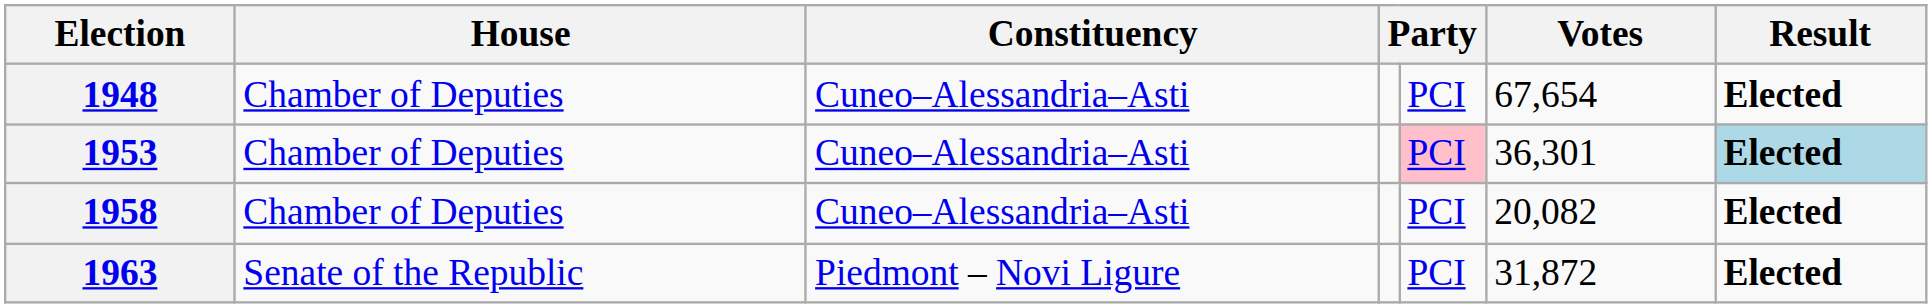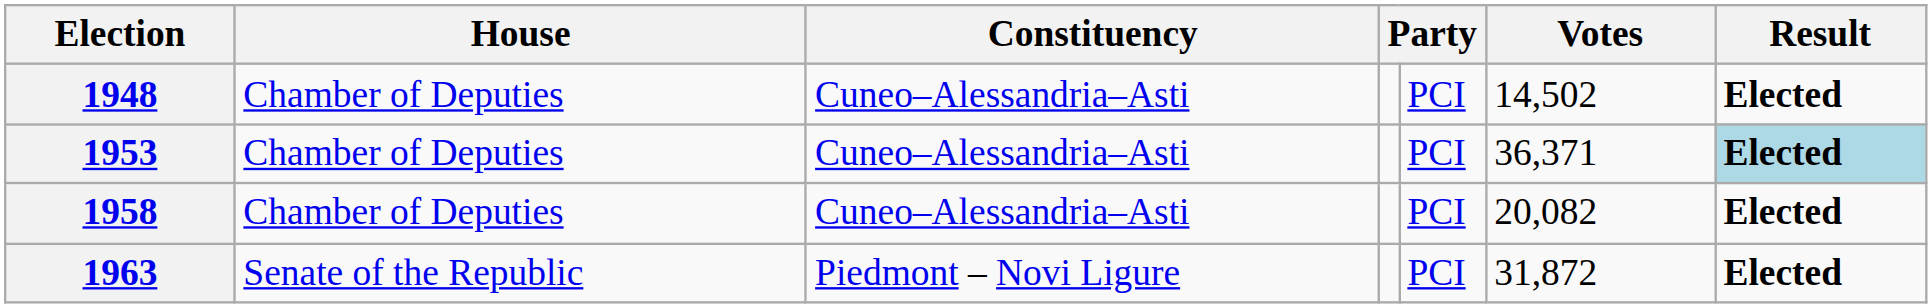 <table class=wikitable style="width:65%; border:1px #AAAAFF solid; text-align:left">
 <tr>
 <th width=12%>Election</th>
 <th width=30%>House</th>
 <th width=30%>Constituency</th>
 <th width=5% colspan="2">Party</th>
 <th width=12%>Votes</th>
 <th width=12%>Result</th>
 </tr>
 <tr>
 <th><a href='#'>1948</a></th>
 <td><a href='#'>Chamber of Deputies</a></td>
 <td><a href='#'>Cuneo–Alessandria–Asti</a></td>
 <td></td>
 <td><a href='#'>PCI</a></td>
-<td>67,654</td>
+<td>14,502</td>
 <td> <strong>Elected</strong></td>
 </tr>
 <tr>
 <th><a href='#'>1953</a></th>
 <td><a href='#'>Chamber of Deputies</a></td>
 <td><a href='#'>Cuneo–Alessandria–Asti</a></td>
 <td></td>
-<td style="background: pink;"><a href='#'>PCI</a></td>
-<td>36,301</td>
+<td><a href='#'>PCI</a></td>
+<td>36,371</td>
 <td style="background: lightblue;"> <strong>Elected</strong></td>
 </tr>
 <tr>
 <th><a href='#'>1958</a></th>
 <td><a href='#'>Chamber of Deputies</a></td>
 <td><a href='#'>Cuneo–Alessandria–Asti</a></td>
 <td></td>
 <td><a href='#'>PCI</a></td>
 <td>20,082</td>
 <td> <strong>Elected</strong></td>
 </tr>
 <tr>
 <th><a href='#'>1963</a></th>
 <td><a href='#'>Senate of the Republic</a></td>
 <td><a href='#'>Piedmont</a> – <a href='#'>Novi Ligure</a></td>
 <td></td>
 <td><a href='#'>PCI</a></td>
 <td>31,872</td>
 <td> <strong>Elected</strong></td>
 </tr>
 </table>
